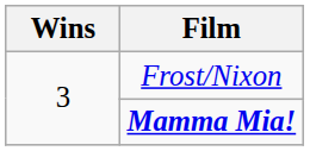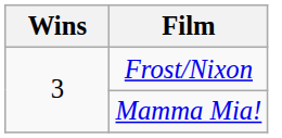 <table class="wikitable plainrowheaders" style="text-align:center;">
 <tr>
 <th scope="col" style="width:55px;">Wins</th>
 <th scope="col" style="text-align:center;">Film</th>
 </tr>
 <tr>
 <td scope=row rowspan=2 style="text-align:center;">3</td>
 <td><em><a href='#'>Frost/Nixon</a></em></td>
 </tr>
 <tr>
-<td><strong><em><a href='#'>Mamma Mia!</a></em></strong></td>
+<td><em><a href='#'>Mamma Mia!</a></em></td>
 </tr>
 </table>
